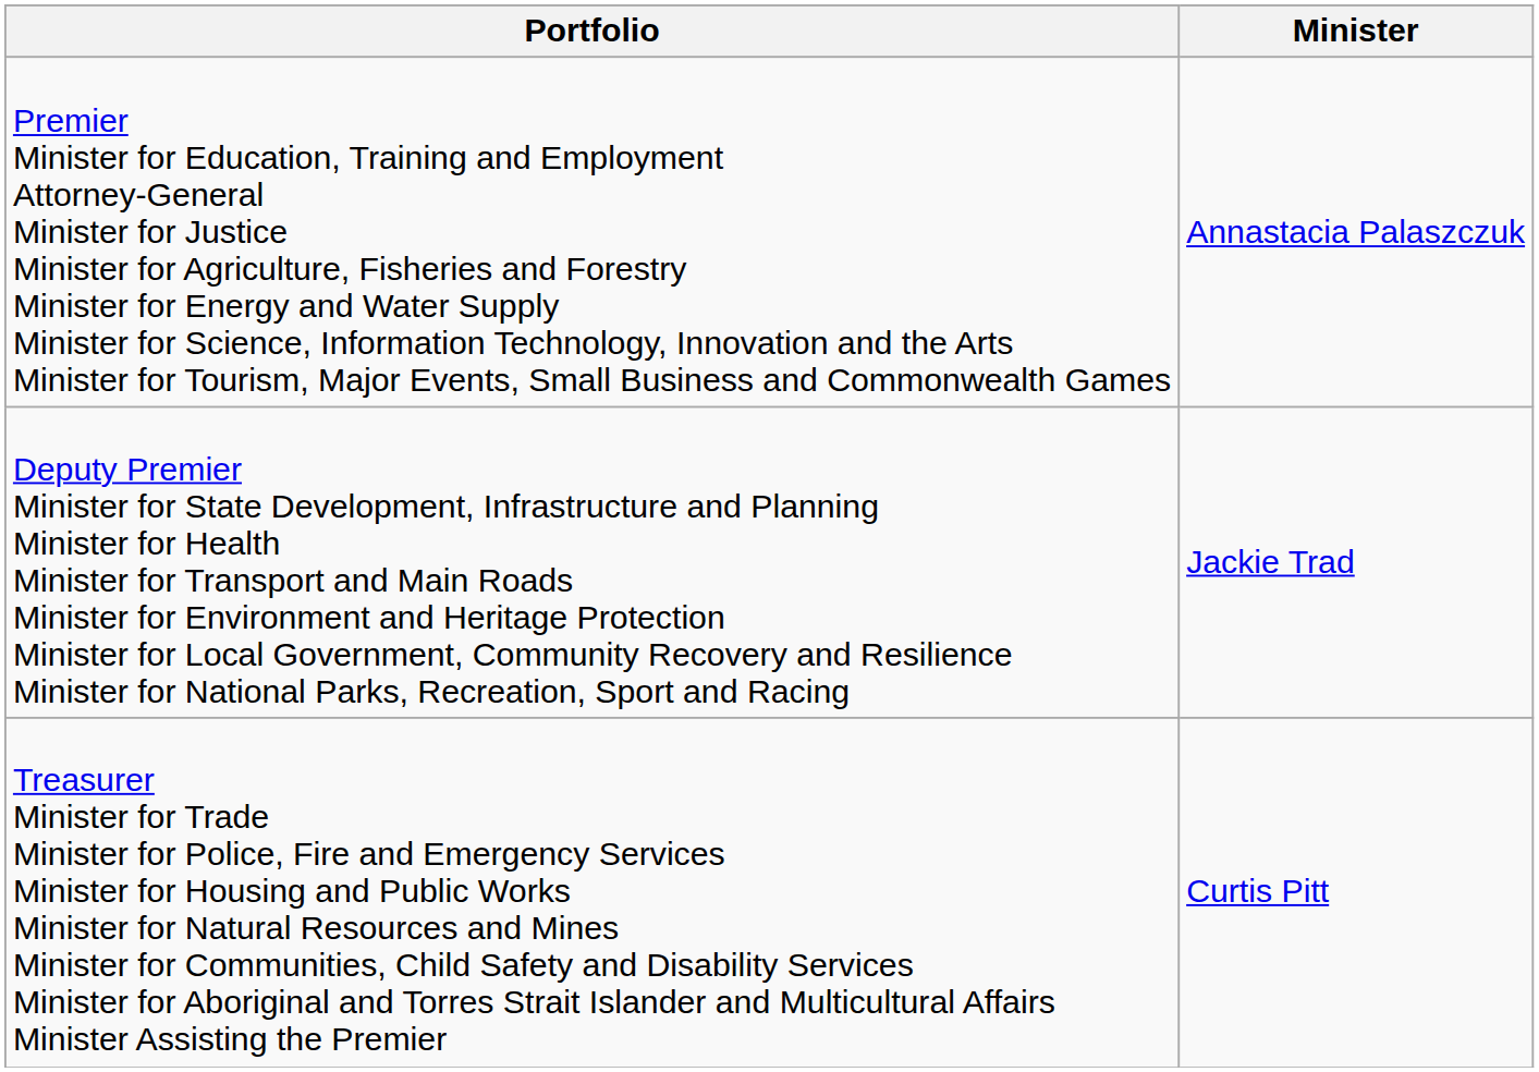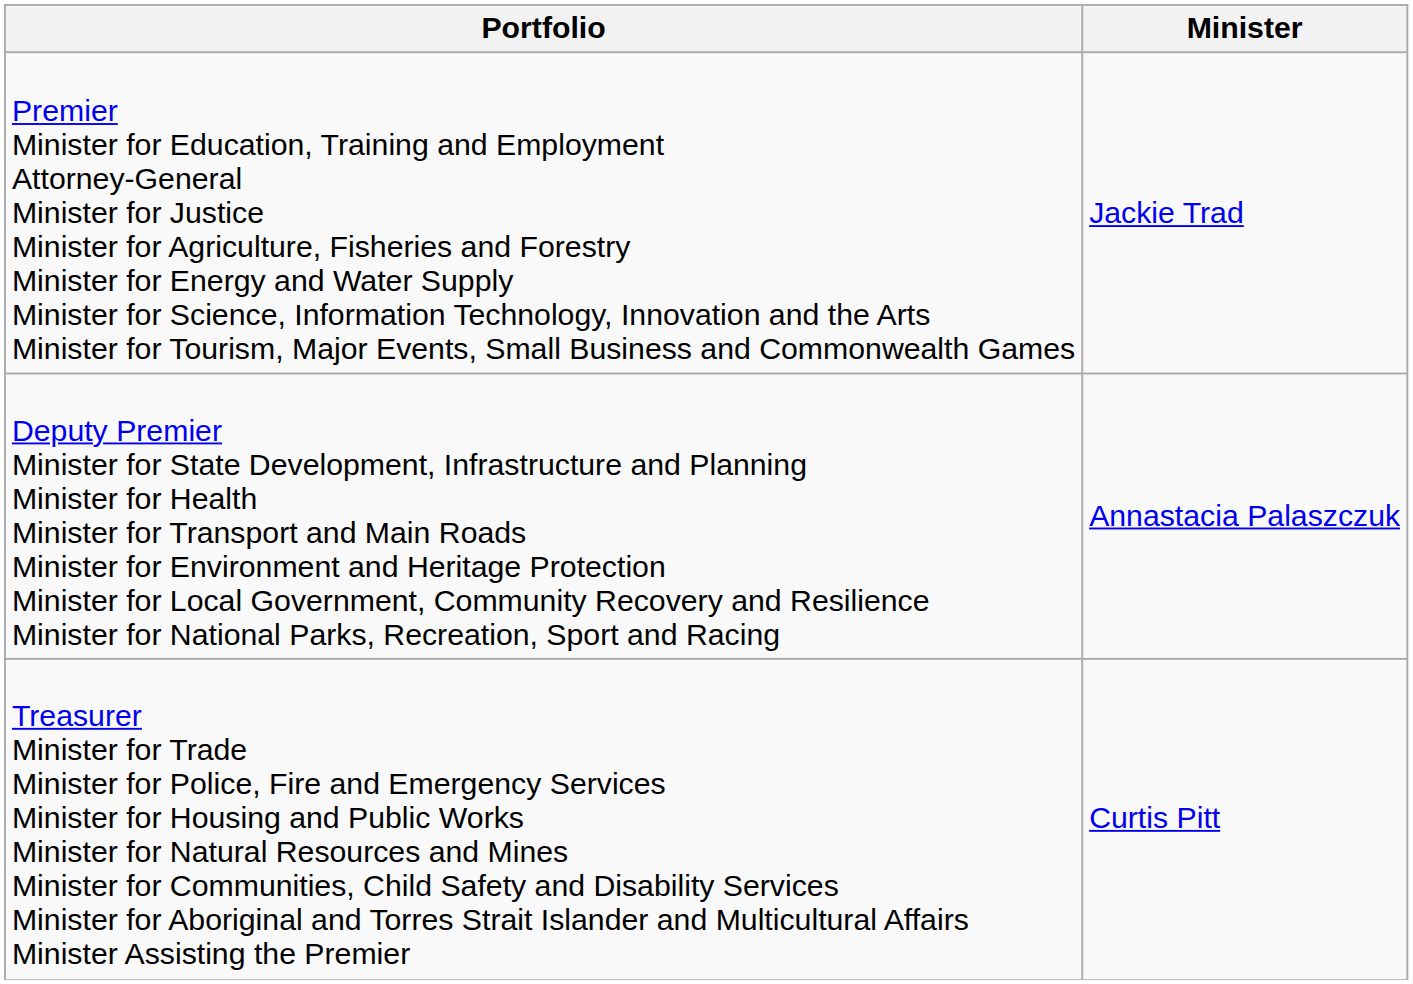 <table class=wikitable>
 <tr>
 <th>Portfolio</th>
 <th>Minister</th>
 </tr>
 <tr>
 <td><br><a href='#'>Premier</a><br> Minister for Education, Training and Employment<br> Attorney-General<br> Minister for Justice<br> Minister for Agriculture, Fisheries and Forestry<br> Minister for Energy and Water Supply<br> Minister for Science, Information Technology, Innovation and the Arts<br> Minister for Tourism, Major Events, Small Business and Commonwealth Games</td>
-<td><a href='#'>Annastacia Palaszczuk</a></td>
+<td><a href='#'>Jackie Trad</a></td>
 </tr>
 <tr>
 <td><br><a href='#'>Deputy Premier</a><br> Minister for State Development, Infrastructure and Planning<br> Minister for Health<br> Minister for Transport and Main Roads<br> Minister for Environment and Heritage Protection<br> Minister for Local Government, Community Recovery and Resilience<br> Minister for National Parks, Recreation, Sport and Racing</td>
-<td><a href='#'>Jackie Trad</a></td>
+<td><a href='#'>Annastacia Palaszczuk</a></td>
 </tr>
 <tr>
 <td><br><a href='#'>Treasurer</a><br> Minister for Trade<br> Minister for Police, Fire and Emergency Services<br> Minister for Housing and Public Works<br> Minister for Natural Resources and Mines<br> Minister for Communities, Child Safety and Disability Services<br> Minister for Aboriginal and Torres Strait Islander and Multicultural Affairs<br> Minister Assisting the Premier</td>
 <td><a href='#'>Curtis Pitt</a></td>
 </tr>
 </table>
